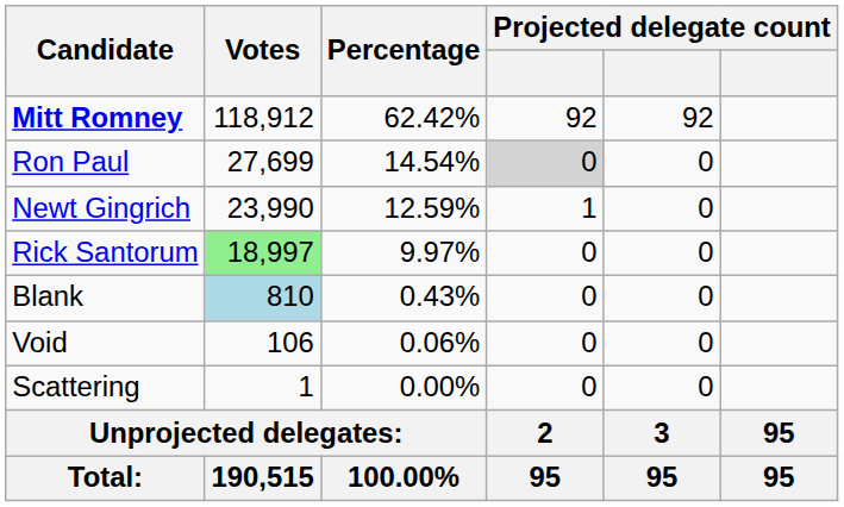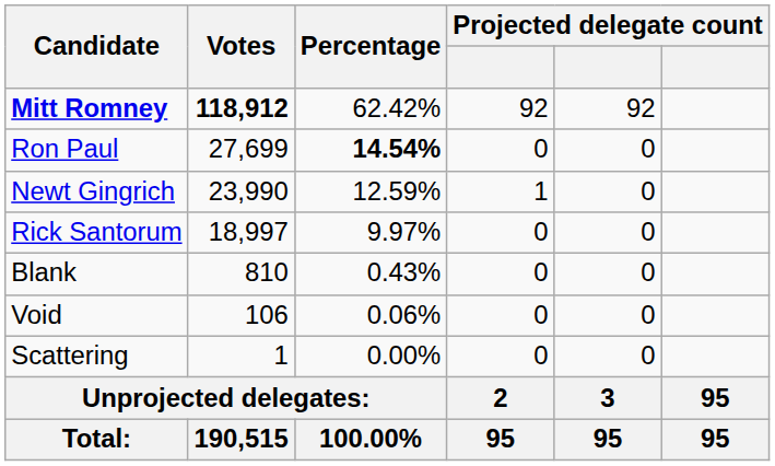 <table class="wikitable" style="text-align:right;">
 <tr>
 <th rowspan="2">Candidate</th>
 <th rowspan="2">Votes</th>
 <th rowspan="2">Percentage</th>
 <th colspan="3">Projected delegate count</th>
 </tr>
 <tr>
 <th></th>
 <th><br></th>
 <th><br></th>
 </tr>
 <tr>
 <td style="text-align:left;"> <strong><a href='#'>Mitt Romney</a></strong></td>
-<td>118,912</td>
+<td><strong>118,912</strong></td>
 <td>62.42%</td>
 <td>92</td>
 <td>92</td>
 <td></td>
 </tr>
 <tr>
 <td style="text-align:left;"><a href='#'>Ron Paul</a></td>
 <td>27,699</td>
-<td>14.54%</td>
-<td style="background: lightgrey;">0</td>
+<td><strong>14.54%</strong></td>
+<td>0</td>
 <td>0</td>
 <td></td>
 </tr>
 <tr>
 <td style="text-align:left;"><a href='#'>Newt Gingrich</a></td>
 <td>23,990</td>
 <td>12.59%</td>
 <td>1</td>
 <td>0</td>
 <td></td>
 </tr>
 <tr>
 <td style="text-align:left;"><a href='#'>Rick Santorum</a> </td>
-<td style="background: lightgreen;">18,997</td>
+<td>18,997</td>
 <td>9.97%</td>
 <td>0</td>
 <td>0</td>
 <td></td>
 </tr>
 <tr>
 <td style="text-align:left;">Blank</td>
-<td style="background: lightblue;">810</td>
+<td>810</td>
 <td>0.43%</td>
 <td>0</td>
 <td>0</td>
 <td></td>
 </tr>
 <tr>
 <td style="text-align:left;">Void</td>
 <td>106</td>
 <td>0.06%</td>
 <td>0</td>
 <td>0</td>
 <td></td>
 </tr>
 <tr>
 <td style="text-align:left;">Scattering</td>
 <td>1</td>
 <td>0.00%</td>
 <td>0</td>
 <td>0</td>
 <td></td>
 </tr>
 <tr style="background:#eee;">
 <th colspan="3">Unprojected delegates:</th>
 <th>2</th>
 <th>3</th>
 <th>95</th>
 </tr>
 <tr style="background:#eee;">
 <th>Total:</th>
 <th>190,515</th>
 <th>100.00%</th>
 <th>95</th>
 <th>95</th>
 <th>95</th>
 </tr>
 </table>
